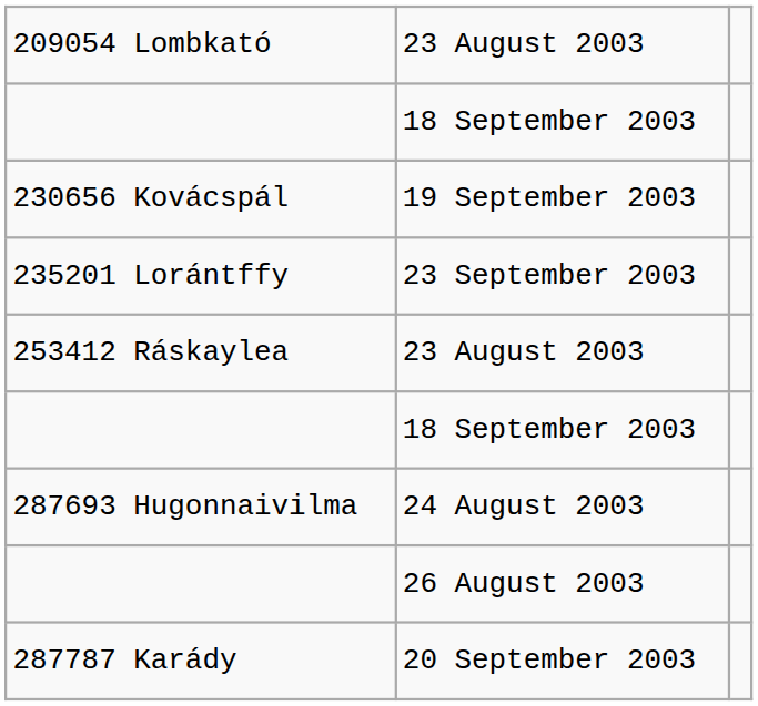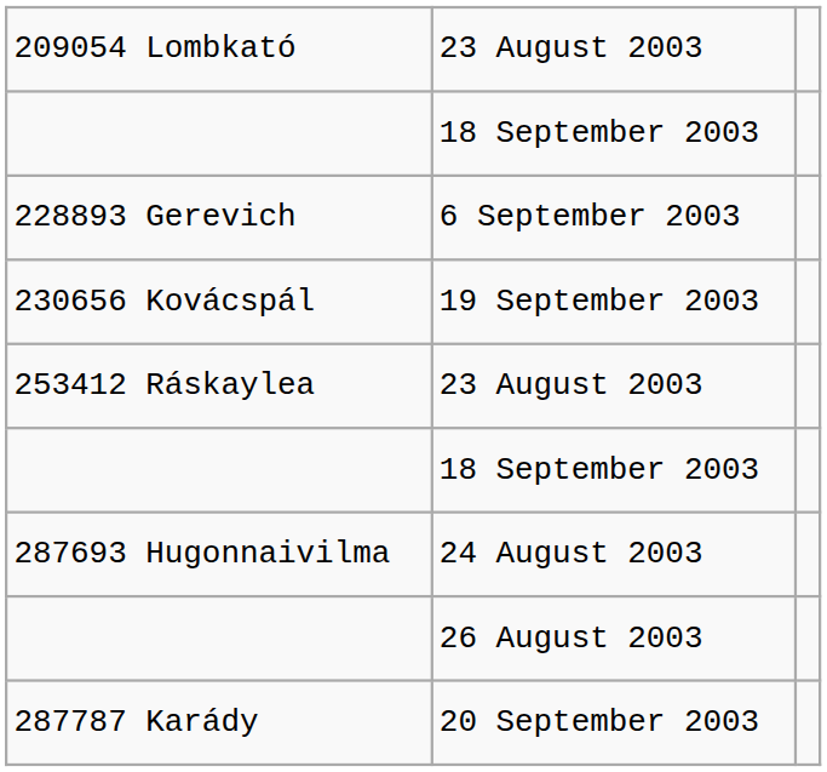 <table class="wikitable" style="font-size: 89%; float: left; width: 26em; margin-right: 1em; height: 280px;">
 <tr>
 <td>209054 Lombkató</td>
 <td>23 August 2003</td>
 <td> </td>
 </tr>
 <tr>
 <td></td>
 <td>18 September 2003</td>
 <td> </td>
 </tr>
 <tr>
-<td>230656 Kovácspál</td>
-<td>19 September 2003</td>
+<td>228893 Gerevich</td>
+<td>6 September 2003</td>
 <td> </td>
 </tr>
 <tr>
-<td>235201 Lorántffy</td>
-<td>23 September 2003</td>
+<td>230656 Kovácspál</td>
+<td>19 September 2003</td>
 <td> </td>
 </tr>
 <tr>
 <td>253412 Ráskaylea</td>
 <td>23 August 2003</td>
 <td> </td>
 </tr>
 <tr>
 <td></td>
 <td>18 September 2003</td>
 <td> </td>
 </tr>
 <tr>
 <td>287693 Hugonnaivilma</td>
 <td>24 August 2003</td>
 <td> </td>
 </tr>
 <tr>
 <td></td>
 <td>26 August 2003</td>
 <td> </td>
 </tr>
 <tr>
 <td>287787 Karády</td>
 <td>20 September 2003</td>
 <td> </td>
 </tr>
 </table>
